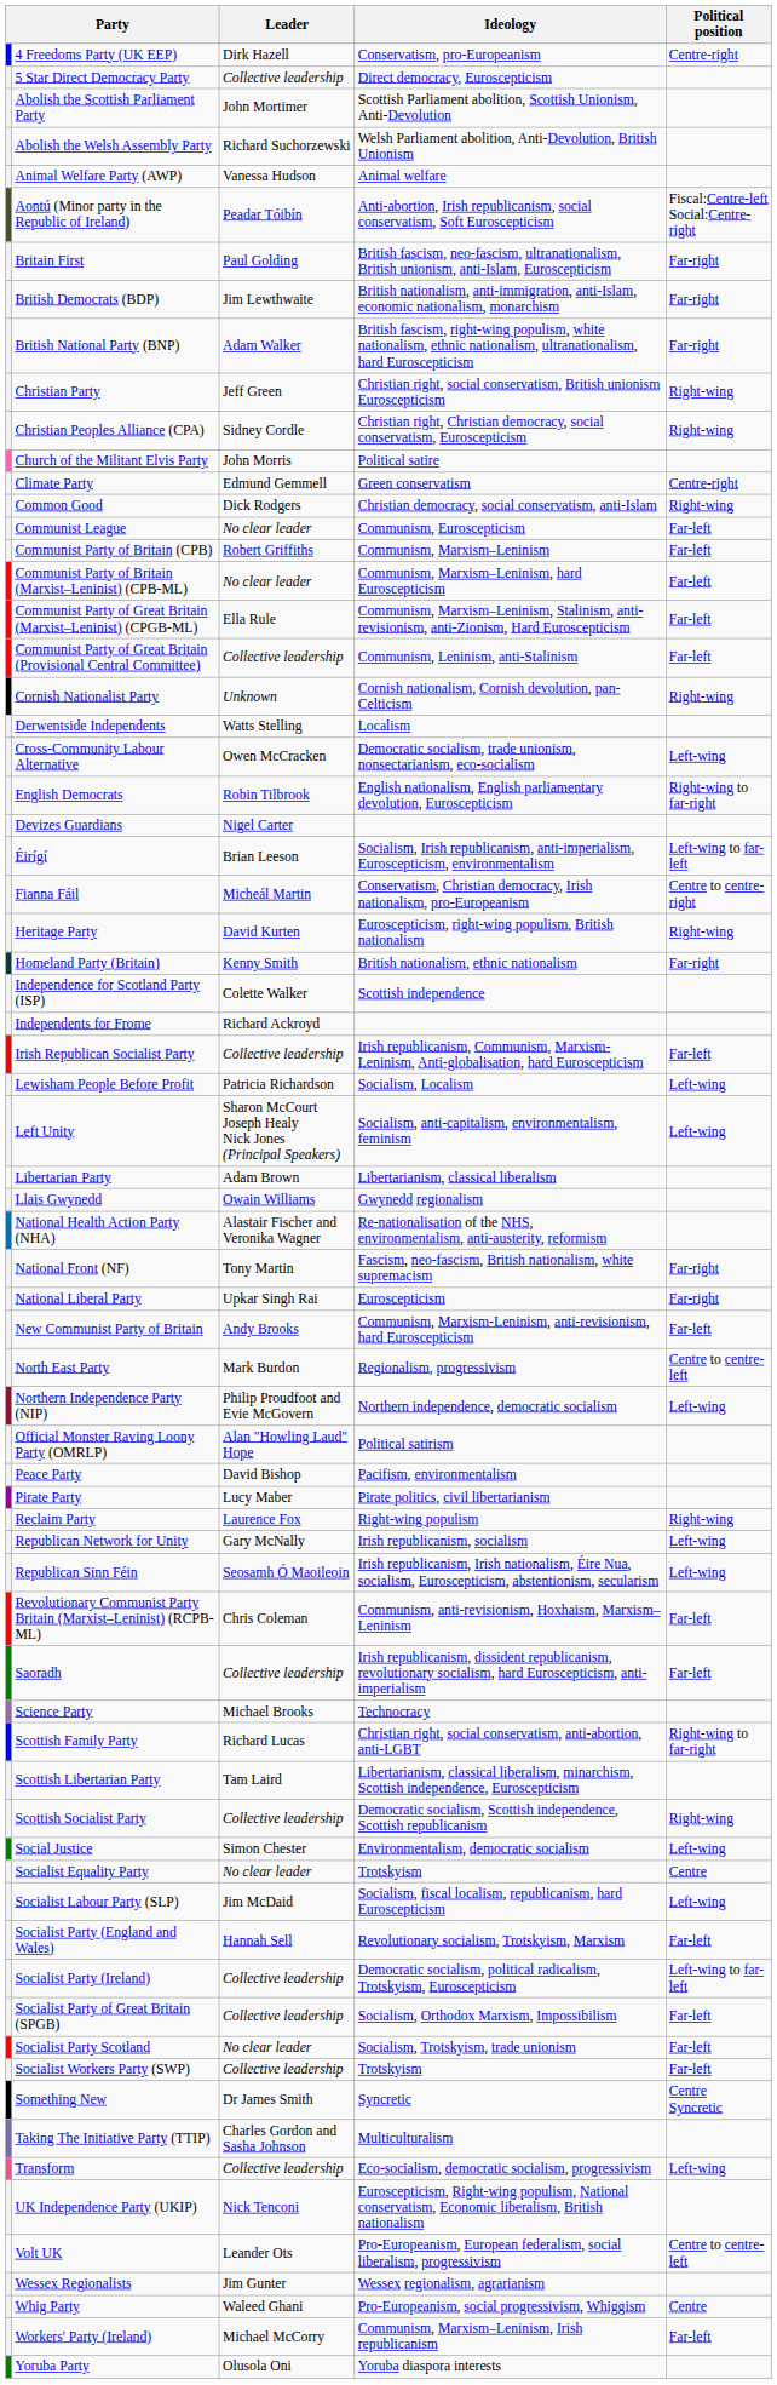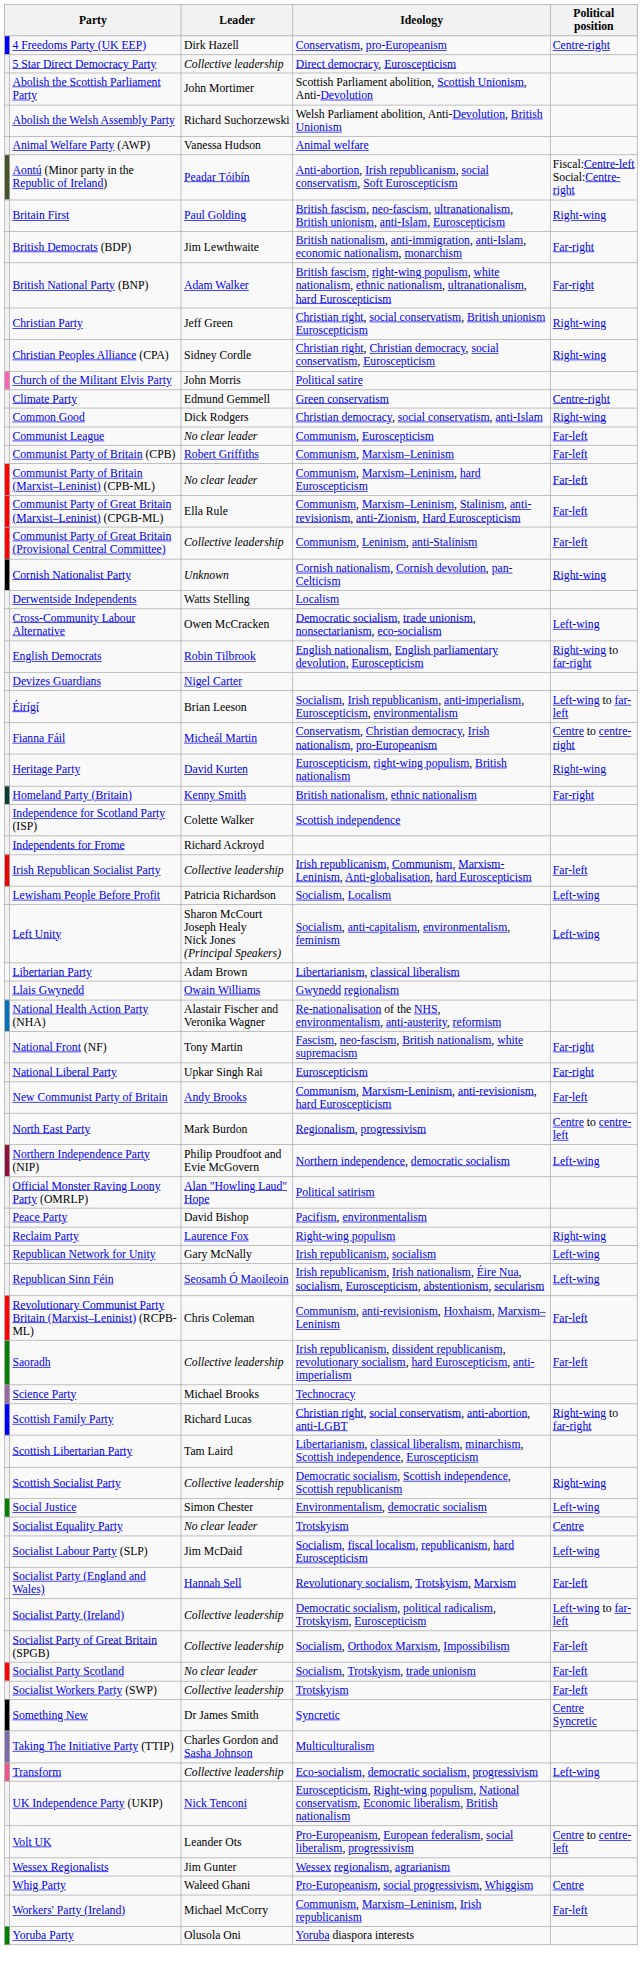 <table class ="wikitable unsortable">
 <tr style="background:#ccc;">
 <th colspan="2" scope="col" style="width:5px;">Party</th>
 <th class="unsortable">Leader</th>
 <th class="unsortable">Ideology</th>
 <th class="unsortable">Political position</th>
 </tr>
 <tr>
 <th style="background:#0000FF;"></th>
 <td><a href='#'>4 Freedoms Party (UK EEP)</a></td>
 <td>Dirk Hazell</td>
 <td><a href='#'>Conservatism</a>, <a href='#'>pro-Europeanism</a></td>
 <td><a href='#'>Centre-right</a></td>
 </tr>
 <tr>
 <th style="background-color:"></th>
 <td><a href='#'>5 Star Direct Democracy Party</a></td>
 <td><em>Collective leadership</em></td>
 <td><a href='#'>Direct democracy</a>, <a href='#'>Euroscepticism</a></td>
 <td></td>
 </tr>
 <tr>
 <th style="background-color: "></th>
 <td><a href='#'>Abolish the Scottish Parliament Party</a></td>
 <td>John Mortimer</td>
 <td>Scottish Parliament abolition, <a href='#'>Scottish Unionism</a>, Anti-<a href='#'>Devolution</a></td>
 <td></td>
 </tr>
 <tr>
 <th style="background-color: "></th>
 <td><a href='#'>Abolish the Welsh Assembly Party</a></td>
 <td>Richard Suchorzewski</td>
 <td>Welsh Parliament abolition, Anti-<a href='#'>Devolution</a>, <a href='#'>British Unionism</a></td>
 <td></td>
 </tr>
 <tr>
 <th style="background-color: "></th>
 <td><a href='#'>Animal Welfare Party</a> (AWP)</td>
 <td>Vanessa Hudson</td>
 <td><a href='#'>Animal welfare</a></td>
 <td></td>
 </tr>
 <tr>
 <th style="background:#44532A;"></th>
 <td><a href='#'>Aontú</a> (Minor party in the <a href='#'>Republic of Ireland</a>)</td>
 <td><a href='#'>Peadar Tóibín</a></td>
 <td><a href='#'>Anti-abortion</a>, <a href='#'>Irish republicanism</a>, <a href='#'>social conservatism</a>, <a href='#'>Soft Euroscepticism</a></td>
 <td>Fiscal:<a href='#'>Centre-left</a> <br> Social:<a href='#'>Centre-right</a></td>
 </tr>
 <tr>
 <th style="background-color: "></th>
 <td><a href='#'>Britain First</a></td>
 <td><a href='#'>Paul Golding</a></td>
 <td><a href='#'>British fascism</a>, <a href='#'>neo-fascism</a>, <a href='#'>ultranationalism</a>, <a href='#'>British unionism</a>, <a href='#'>anti-Islam</a>, <a href='#'>Euroscepticism</a></td>
-<td><a href='#'>Far-right</a></td>
+<td><a href='#'>Right-wing</a></td>
 </tr>
 <tr>
 <th style="background-color: "></th>
 <td><a href='#'>British Democrats</a> (BDP)</td>
 <td>Jim Lewthwaite</td>
 <td><a href='#'>British nationalism</a>, <a href='#'>anti-immigration</a>, <a href='#'>anti-Islam</a>, <a href='#'>economic nationalism</a>, <a href='#'>monarchism</a></td>
 <td><a href='#'>Far-right</a></td>
 </tr>
 <tr>
 <th style="background-color: "></th>
 <td><a href='#'>British National Party</a> (BNP)</td>
 <td><a href='#'>Adam Walker</a></td>
 <td><a href='#'>British fascism</a>, <a href='#'>right-wing populism</a>, <a href='#'>white nationalism</a>, <a href='#'>ethnic nationalism</a>, <a href='#'>ultranationalism</a>, <a href='#'>hard Euroscepticism</a></td>
 <td><a href='#'>Far-right</a></td>
 </tr>
 <tr>
 <th style="background-color: "></th>
 <td><a href='#'>Christian Party</a></td>
 <td>Jeff Green</td>
 <td><a href='#'>Christian right</a>, <a href='#'>social conservatism</a>, <a href='#'>British unionism</a> <a href='#'>Euroscepticism</a></td>
 <td><a href='#'>Right-wing</a></td>
 </tr>
 <tr>
 <th style="background-color: "></th>
 <td><a href='#'>Christian Peoples Alliance</a> (CPA)</td>
 <td>Sidney Cordle</td>
 <td><a href='#'>Christian right</a>, <a href='#'>Christian democracy</a>, <a href='#'>social conservatism</a>, <a href='#'>Euroscepticism</a></td>
 <td><a href='#'>Right-wing</a></td>
 </tr>
 <tr>
 <th style="background:#ff62b0;"></th>
 <td><a href='#'>Church of the Militant Elvis Party</a></td>
 <td>John Morris</td>
 <td><a href='#'>Political satire</a></td>
 <td></td>
 </tr>
 <tr>
 <th style="background-color: "></th>
 <td><a href='#'>Climate Party</a></td>
 <td>Edmund Gemmell</td>
 <td><a href='#'>Green conservatism</a></td>
 <td><a href='#'>Centre-right</a></td>
 </tr>
 <tr>
 <th style="background-color: "></th>
 <td><a href='#'>Common Good</a></td>
 <td>Dick Rodgers</td>
 <td><a href='#'>Christian democracy</a>, <a href='#'>social conservatism</a>, <a href='#'>anti-Islam</a></td>
 <td><a href='#'>Right-wing</a></td>
 </tr>
 <tr>
 <th style="background-color: "></th>
 <td><a href='#'>Communist League</a></td>
 <td><em>No clear leader</em></td>
 <td><a href='#'>Communism</a>, <a href='#'>Euroscepticism</a></td>
 <td><a href='#'>Far-left</a></td>
 </tr>
 <tr>
 <th style="background-color: "></th>
 <td><a href='#'>Communist Party of Britain</a> (CPB)</td>
 <td><a href='#'>Robert Griffiths</a></td>
 <td><a href='#'>Communism</a>, <a href='#'>Marxism–Leninism</a></td>
 <td><a href='#'>Far-left</a></td>
 </tr>
 <tr>
 <th style="background:red;"></th>
 <td><a href='#'>Communist Party of Britain<br>(Marxist–Leninist)</a> (CPB-ML)</td>
 <td><em>No clear leader</em></td>
 <td><a href='#'>Communism</a>, <a href='#'>Marxism–Leninism</a>, <a href='#'>hard Euroscepticism</a></td>
 <td><a href='#'>Far-left</a></td>
 </tr>
 <tr>
 <th style="background:red;"></th>
 <td><a href='#'>Communist Party of Great Britain<br>(Marxist–Leninist)</a> (CPGB-ML)</td>
 <td>Ella Rule</td>
 <td><a href='#'>Communism</a>, <a href='#'>Marxism–Leninism</a>, <a href='#'>Stalinism</a>, <a href='#'>anti-revisionism</a>, <a href='#'>anti-Zionism</a>, <a href='#'>Hard Euroscepticism</a></td>
 <td><a href='#'>Far-left</a></td>
 </tr>
 <tr>
 <th style="background:red;"></th>
 <td><a href='#'>Communist Party of Great Britain <br>(Provisional Central Committee)</a></td>
 <td><em>Collective leadership</em></td>
 <td><a href='#'>Communism</a>, <a href='#'>Leninism</a>, <a href='#'>anti-Stalinism</a></td>
 <td><a href='#'>Far-left</a></td>
 </tr>
 <tr>
 <th style="background:black;"></th>
 <td><a href='#'>Cornish Nationalist Party</a></td>
 <td><em>Unknown</em></td>
 <td><a href='#'>Cornish nationalism</a>, <a href='#'>Cornish devolution</a>, <a href='#'>pan-Celticism</a></td>
 <td><a href='#'>Right-wing</a></td>
 </tr>
 <tr>
 <th style="background-color: "></th>
 <td><a href='#'>Derwentside Independents</a></td>
 <td>Watts Stelling</td>
 <td><a href='#'>Localism</a></td>
 <td></td>
 </tr>
 <tr>
 <th style="background-color: "></th>
 <td><a href='#'>Cross-Community Labour Alternative</a></td>
 <td>Owen McCracken</td>
 <td><a href='#'>Democratic socialism</a>, <a href='#'>trade unionism</a>, <a href='#'>nonsectarianism</a>, <a href='#'>eco-socialism</a></td>
 <td><a href='#'>Left-wing</a></td>
 </tr>
 <tr>
 <th style="background-color: "></th>
 <td><a href='#'>English Democrats</a></td>
 <td><a href='#'>Robin Tilbrook</a></td>
 <td><a href='#'>English nationalism</a>, <a href='#'>English parliamentary devolution</a>, <a href='#'>Euroscepticism</a></td>
 <td><a href='#'>Right-wing</a> to <a href='#'>far-right</a></td>
 </tr>
 <tr>
 <th style="background-color: "></th>
 <td><a href='#'>Devizes Guardians</a></td>
 <td><a href='#'>Nigel Carter</a></td>
 <td></td>
 <td></td>
 </tr>
 <tr>
 <th style="background-color: "></th>
 <td><a href='#'>Éirígí</a></td>
 <td>Brian Leeson</td>
 <td><a href='#'>Socialism</a>, <a href='#'>Irish republicanism</a>, <a href='#'>anti-imperialism</a>, <a href='#'>Euroscepticism</a>, <a href='#'>environmentalism</a></td>
 <td><a href='#'>Left-wing</a> to <a href='#'>far-left</a></td>
 </tr>
 <tr>
 <th style="background-color: "></th>
 <td><a href='#'>Fianna Fáil</a> <br></td>
 <td><a href='#'>Micheál Martin</a></td>
 <td><a href='#'>Conservatism</a>, <a href='#'>Christian democracy</a>, <a href='#'>Irish nationalism</a>, <a href='#'>pro-Europeanism</a></td>
 <td><a href='#'>Centre</a> to <a href='#'>centre-right</a></td>
 </tr>
 <tr>
 <th style="background-color: "></th>
 <td><a href='#'>Heritage Party</a></td>
 <td><a href='#'>David Kurten</a></td>
 <td><a href='#'>Euroscepticism</a>, <a href='#'>right-wing populism</a>, <a href='#'>British nationalism</a></td>
 <td><a href='#'>Right-wing</a></td>
 </tr>
 <tr>
 <th style="background-color: #0a3d33"></th>
 <td><a href='#'>Homeland Party (Britain)</a></td>
 <td><a href='#'>Kenny Smith</a></td>
 <td><a href='#'>British nationalism</a>, <a href='#'>ethnic nationalism</a></td>
 <td><a href='#'>Far-right</a></td>
 </tr>
 <tr>
 <th style="background-color:"></th>
 <td><a href='#'>Independence for Scotland Party</a> (ISP)</td>
 <td>Colette Walker</td>
 <td><a href='#'>Scottish independence</a></td>
 </tr>
 <tr>
 <th style="background-color: "></th>
 <td><a href='#'>Independents for Frome</a></td>
 <td>Richard Ackroyd</td>
 <td></td>
 <td></td>
 </tr>
 <tr>
 <th style="background-color: #e80504"></th>
 <td><a href='#'>Irish Republican Socialist Party</a></td>
 <td><em>Collective leadership</em></td>
 <td><a href='#'>Irish republicanism</a>, <a href='#'>Communism</a>, <a href='#'>Marxism-Leninism</a>, <a href='#'>Anti-globalisation</a>, <a href='#'>hard Euroscepticism</a></td>
 <td><a href='#'>Far-left</a></td>
 </tr>
 <tr>
 <th style="background-color: "></th>
 <td><a href='#'>Lewisham People Before Profit</a></td>
 <td>Patricia Richardson</td>
 <td><a href='#'>Socialism</a>, <a href='#'>Localism</a></td>
 <td><a href='#'>Left-wing</a></td>
 </tr>
 <tr>
 <th style="background-color: "></th>
 <td><a href='#'>Left Unity</a></td>
 <td>Sharon McCourt <br>Joseph Healy <br>Nick Jones <br><em>(Principal Speakers)</em></td>
 <td><a href='#'>Socialism</a>, <a href='#'>anti-capitalism</a>, <a href='#'>environmentalism</a>, <br><a href='#'>feminism</a></td>
 <td><a href='#'>Left-wing</a></td>
 </tr>
 <tr>
 <td ! style="background-color: "></td>
 <td><a href='#'>Libertarian Party</a></td>
 <td>Adam Brown</td>
 <td><a href='#'>Libertarianism</a>, <a href='#'>classical liberalism</a></td>
 <td></td>
 </tr>
 <tr>
 <th style="background-color: "></th>
 <td><a href='#'>Llais Gwynedd</a></td>
 <td><a href='#'>Owain Williams</a></td>
 <td><a href='#'>Gwynedd</a> <a href='#'>regionalism</a></td>
 <td></td>
 </tr>
 <tr>
 <th style="background:#0071bb;"></th>
 <td><a href='#'>National Health Action Party</a> (NHA)</td>
 <td>Alastair Fischer and Veronika Wagner</td>
 <td><a href='#'>Re-nationalisation</a> of the <a href='#'>NHS</a>, <br><a href='#'>environmentalism</a>, <a href='#'>anti-austerity</a>, <a href='#'>reformism</a></td>
 <td></td>
 </tr>
 <tr>
 <th style="background-color: "></th>
 <td><a href='#'>National Front</a> (NF)</td>
 <td>Tony Martin</td>
 <td><a href='#'>Fascism</a>, <a href='#'>neo-fascism</a>, <a href='#'>British nationalism</a>, <a href='#'>white supremacism</a> <br></td>
 <td><a href='#'>Far-right</a></td>
 </tr>
 <tr>
 <th style="background-color: "></th>
 <td><a href='#'>National Liberal Party</a></td>
 <td>Upkar Singh Rai</td>
 <td><a href='#'>Euroscepticism</a></td>
 <td><a href='#'>Far-right</a></td>
 </tr>
 <tr>
 <th style="background-color: "></th>
 <td><a href='#'>New Communist Party of Britain</a></td>
 <td><a href='#'>Andy Brooks</a></td>
 <td><a href='#'>Communism</a>, <a href='#'>Marxism-Leninism</a>, <a href='#'>anti-revisionism</a>, <a href='#'>hard Euroscepticism</a></td>
 <td><a href='#'>Far-left</a></td>
 </tr>
 <tr>
 <th style="background-color: "></th>
 <td><a href='#'>North East Party</a></td>
 <td>Mark Burdon</td>
 <td><a href='#'>Regionalism</a>, <a href='#'>progressivism</a></td>
 <td><a href='#'>Centre</a> to <a href='#'>centre-left</a></td>
 </tr>
 <tr>
 <th style="background-color: #8F1137"></th>
 <td><a href='#'>Northern Independence Party</a> (NIP)</td>
 <td>Philip Proudfoot and Evie McGovern</td>
 <td><a href='#'>Northern independence</a>, <a href='#'>democratic socialism</a></td>
 <td><a href='#'>Left-wing</a></td>
 </tr>
 <tr>
 <th style="background-color: "></th>
 <td><a href='#'>Official Monster Raving Loony Party</a> (OMRLP)</td>
 <td 1982><a href='#'>Alan "Howling Laud" Hope</a></td>
 <td><a href='#'>Political satirism</a></td>
 </tr>
 <tr>
 <th style="background-color: "></th>
 <td><a href='#'>Peace Party</a></td>
 <td>David Bishop</td>
 <td><a href='#'>Pacifism</a>, <a href='#'>environmentalism</a></td>
 <td></td>
 </tr>
 <tr>
-<th style="background:#909;"></th>
-<td><a href='#'>Pirate Party</a></td>
-<td>Lucy Maber</td>
-<td><a href='#'>Pirate politics</a>, <a href='#'>civil libertarianism</a></td>
-<td></td>
-</tr>
-<tr>
 <th style="background-color: "></th>
 <td><a href='#'>Reclaim Party</a></td>
 <td><a href='#'>Laurence Fox</a></td>
 <td><a href='#'>Right-wing populism</a></td>
 <td><a href='#'>Right-wing</a></td>
 </tr>
 <tr>
 <th style="background-color: "></th>
 <td><a href='#'>Republican Network for Unity</a></td>
 <td>Gary McNally</td>
 <td><a href='#'>Irish republicanism</a>, <a href='#'>socialism</a></td>
 <td><a href='#'>Left-wing</a></td>
 </tr>
 <tr>
 <th style="background-color: "></th>
 <td><a href='#'>Republican Sinn Féin</a></td>
 <td><a href='#'>Seosamh Ó Maoileoin</a></td>
 <td><a href='#'>Irish republicanism</a>, <a href='#'>Irish nationalism</a>, <a href='#'>Éire Nua</a>, <a href='#'>socialism</a>, <a href='#'>Euroscepticism</a>, <a href='#'>abstentionism</a>, <a href='#'>secularism</a></td>
 <td><a href='#'>Left-wing</a></td>
 </tr>
 <tr>
 <th style="background:red;"></th>
 <td><a href='#'>Revolutionary Communist Party Britain (Marxist–Leninist)</a> (RCPB-ML)</td>
 <td>Chris Coleman</td>
 <td><a href='#'>Communism</a>, <a href='#'>anti-revisionism</a>, <a href='#'>Hoxhaism</a>, <a href='#'>Marxism–Leninism</a></td>
 <td><a href='#'>Far-left</a></td>
 </tr>
 <tr>
 <th style="background-color:green;"></th>
 <td><a href='#'>Saoradh</a></td>
 <td><em>Collective leadership</em></td>
 <td><a href='#'>Irish republicanism</a>, <a href='#'>dissident republicanism</a>, <a href='#'>revolutionary socialism</a>, <a href='#'>hard Euroscepticism</a>, <a href='#'>anti-imperialism</a></td>
 <td><a href='#'>Far-left</a></td>
 </tr>
 <tr>
 <th style="background:#996aa0;"></th>
 <td><a href='#'>Science Party</a></td>
 <td>Michael Brooks</td>
 <td><a href='#'>Technocracy</a></td>
 <td></td>
 </tr>
 <tr>
 <th style="background-color:blue;"></th>
 <td><a href='#'>Scottish Family Party</a></td>
 <td>Richard Lucas</td>
 <td><a href='#'>Christian right</a>, <a href='#'>social conservatism</a>, <a href='#'>anti-abortion</a>, <a href='#'>anti-LGBT</a></td>
 <td><a href='#'>Right-wing</a> to <a href='#'>far-right</a></td>
 </tr>
 <tr>
 <th style="background-color: "></th>
 <td><a href='#'>Scottish Libertarian Party</a></td>
 <td>Tam Laird</td>
 <td><a href='#'>Libertarianism</a>, <a href='#'>classical liberalism</a>, <a href='#'>minarchism</a>, <a href='#'>Scottish independence</a>, <a href='#'>Euroscepticism</a></td>
 <td></td>
 </tr>
 <tr>
 <th style="background-color: "></th>
 <td><a href='#'>Scottish Socialist Party</a></td>
 <td><em>Collective leadership</em></td>
 <td><a href='#'>Democratic socialism</a>, <a href='#'>Scottish independence</a>, <a href='#'>Scottish republicanism</a></td>
 <td><a href='#'>Right-wing</a></td>
 </tr>
 <tr>
 <th style="background-color:green "></th>
 <td><a href='#'>Social Justice</a></td>
 <td>Simon Chester</td>
 <td><a href='#'>Environmentalism</a>, <a href='#'>democratic socialism</a></td>
 <td><a href='#'>Left-wing</a></td>
 </tr>
 <tr>
 <th style="background-color: "></th>
 <td><a href='#'>Socialist Equality Party</a></td>
 <td><em>No clear leader</em></td>
 <td><a href='#'>Trotskyism</a></td>
 <td><a href='#'>Centre</a></td>
 </tr>
 <tr>
 <th style="background-color: "></th>
 <td><a href='#'>Socialist Labour Party</a> (SLP)</td>
 <td>Jim McDaid</td>
 <td><a href='#'>Socialism</a>, <a href='#'>fiscal localism</a>, <a href='#'>republicanism</a>, <a href='#'>hard Euroscepticism</a></td>
 <td><a href='#'>Left-wing</a></td>
 </tr>
 <tr>
 <th style="background-color: "></th>
 <td><a href='#'>Socialist Party (England and Wales)</a></td>
 <td><a href='#'>Hannah Sell</a></td>
 <td><a href='#'>Revolutionary socialism</a>, <a href='#'>Trotskyism</a>, <a href='#'>Marxism</a></td>
 <td><a href='#'>Far-left</a></td>
 </tr>
 <tr>
 <th style="background-color: "></th>
 <td><a href='#'>Socialist Party (Ireland)</a></td>
 <td><em>Collective leadership</em></td>
 <td><a href='#'>Democratic socialism</a>, <a href='#'>political radicalism</a>, <a href='#'>Trotskyism</a>, <a href='#'>Euroscepticism</a></td>
 <td><a href='#'>Left-wing</a> to <a href='#'>far-left</a></td>
 </tr>
 <tr>
 <th style="background-color: "></th>
 <td><a href='#'>Socialist Party of Great Britain</a> (SPGB)</td>
 <td><em>Collective leadership</em></td>
 <td><a href='#'>Socialism</a>, <a href='#'>Orthodox Marxism</a>, <a href='#'>Impossibilism</a></td>
 <td><a href='#'>Far-left</a></td>
 </tr>
 <tr>
 <th style="background-color:red;"></th>
 <td><a href='#'>Socialist Party Scotland</a></td>
 <td><em>No clear leader</em></td>
 <td><a href='#'>Socialism</a>, <a href='#'>Trotskyism</a>, <a href='#'>trade unionism</a></td>
 <td><a href='#'>Far-left</a></td>
 </tr>
 <tr>
 <th style="background-color: "></th>
 <td><a href='#'>Socialist Workers Party</a> (SWP)</td>
 <td><em>Collective leadership</em></td>
 <td><a href='#'>Trotskyism</a></td>
 <td><a href='#'>Far-left</a></td>
 </tr>
 <tr>
 <th style="background:black;"></th>
 <td><a href='#'>Something New</a></td>
 <td>Dr James Smith</td>
 <td><a href='#'>Syncretic</a></td>
 <td><a href='#'>Centre</a> <br><a href='#'>Syncretic</a></td>
 </tr>
 <tr>
 <th style="background-color: #7D6AAA"></th>
 <td><a href='#'>Taking The Initiative Party</a> (TTIP)</td>
 <td>Charles Gordon and <a href='#'>Sasha Johnson</a></td>
 <td><a href='#'>Multiculturalism</a></td>
 <td></td>
 </tr>
 <tr>
 <th style="background:#EC548A;"></th>
 <td><a href='#'>Transform</a></td>
 <td><em>Collective leadership</em></td>
 <td><a href='#'>Eco-socialism</a>, <a href='#'>democratic socialism</a>, <a href='#'>progressivism</a></td>
 <td><a href='#'>Left-wing</a></td>
 </tr>
 <tr>
 <th style="background-color: "></th>
 <td><a href='#'>UK Independence Party</a> (UKIP)</td>
 <td><a href='#'>Nick Tenconi</a></td>
 <td><a href='#'>Euroscepticism</a>, <a href='#'>Right-wing populism</a>, <a href='#'>National conservatism</a>, <a href='#'>Economic liberalism</a>, <a href='#'>British nationalism</a></td>
 <td></td>
 </tr>
 <tr>
 <td ! style="background-color: "></td>
 <td><a href='#'>Volt UK</a></td>
 <td>Leander Ots</td>
 <td><a href='#'>Pro-Europeanism</a>, <a href='#'>European federalism</a>, <a href='#'>social liberalism</a>, <a href='#'>progressivism</a></td>
 <td><a href='#'>Centre</a> to <a href='#'>centre-left</a></td>
 </tr>
 <tr>
 <th style="background-color: "></th>
 <td><a href='#'>Wessex Regionalists</a></td>
 <td>Jim Gunter</td>
 <td><a href='#'>Wessex</a> <a href='#'>regionalism</a>, <a href='#'>agrarianism</a></td>
 <td></td>
 </tr>
 <tr>
 <th style="background-color: "></th>
 <td><a href='#'>Whig Party</a></td>
 <td>Waleed Ghani</td>
 <td><a href='#'>Pro-Europeanism</a>, <a href='#'>social progressivism</a>, <a href='#'>Whiggism</a></td>
 <td><a href='#'>Centre</a></td>
 </tr>
 <tr>
 <th style="background-color: "></th>
 <td><a href='#'>Workers' Party (Ireland)</a></td>
 <td>Michael McCorry</td>
 <td><a href='#'>Communism</a>, <a href='#'>Marxism–Leninism</a>, <a href='#'>Irish republicanism</a></td>
 <td><a href='#'>Far-left</a></td>
 </tr>
 <tr>
 <th style="background-color:green;"></th>
 <td><a href='#'>Yoruba Party</a></td>
 <td>Olusola Oni</td>
 <td><a href='#'>Yoruba</a> diaspora interests</td>
 <td></td>
 </tr>
 </table>
